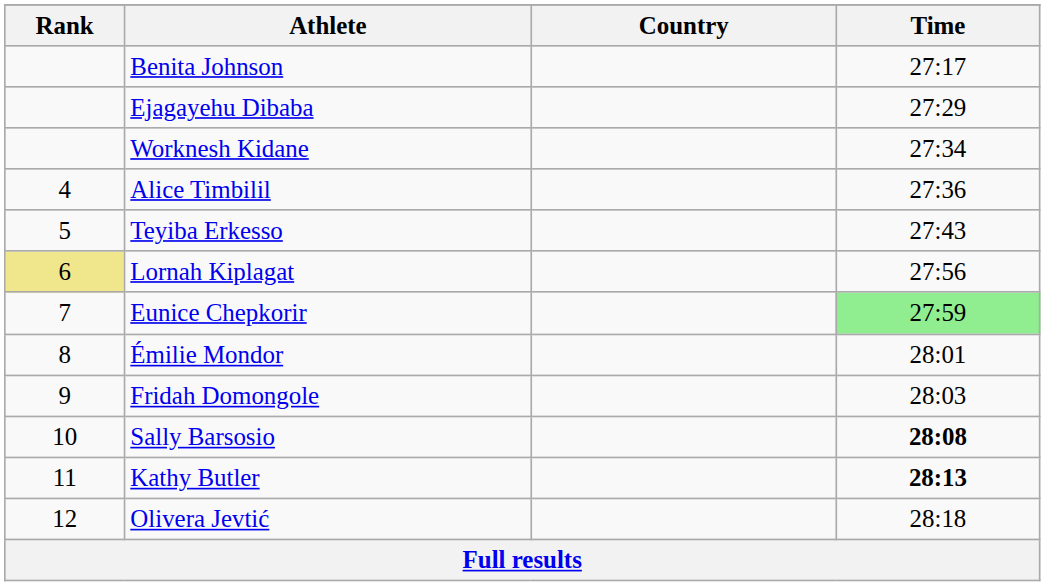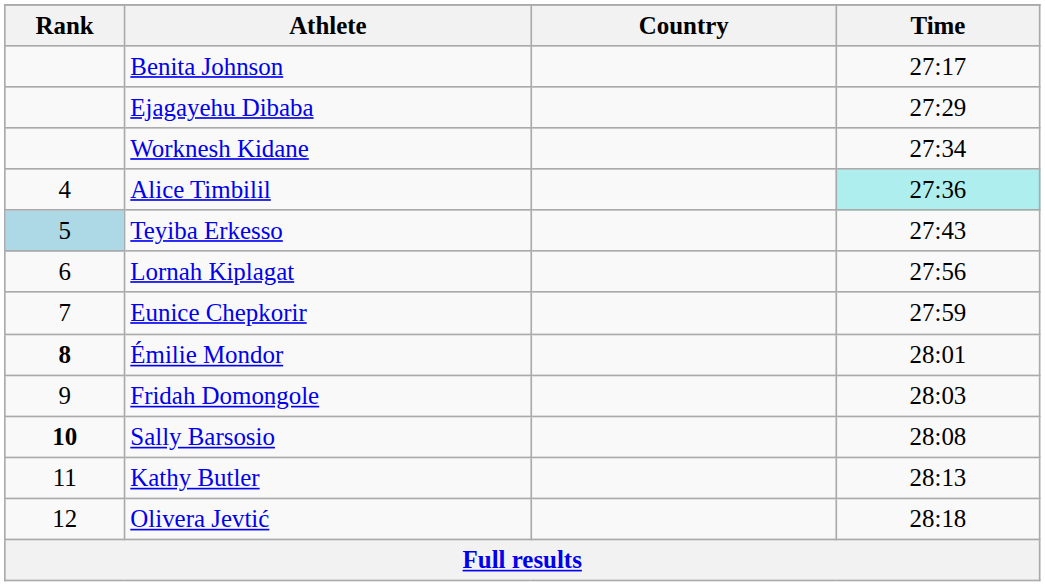 <table class="wikitable sortable" style=" text-align:center; font-size:95%;" width="50%">
 <tr>
 </tr>
 <tr>
 <th width=5%>Rank</th>
 <th width=20%>Athlete</th>
 <th width=15%>Country</th>
 <th width=10%>Time</th>
 </tr>
 <tr>
 <td align=center></td>
 <td align=left><a href='#'>Benita Johnson</a></td>
 <td align=left></td>
 <td>27:17</td>
 </tr>
 <tr>
 <td align=center></td>
 <td align=left><a href='#'>Ejagayehu Dibaba</a></td>
 <td align=left></td>
 <td>27:29</td>
 </tr>
 <tr>
 <td align=center></td>
 <td align=left><a href='#'>Worknesh Kidane</a></td>
 <td align=left></td>
 <td>27:34</td>
 </tr>
 <tr>
 <td align=center>4</td>
 <td align=left><a href='#'>Alice Timbilil</a></td>
 <td align=left></td>
-<td>27:36</td>
+<td style="background: paleturquoise;">27:36</td>
 </tr>
 <tr>
-<td align=center>5</td>
+<td align=center style="background: lightblue;">5</td>
 <td align=left><a href='#'>Teyiba Erkesso</a></td>
 <td align=left></td>
 <td>27:43</td>
 </tr>
 <tr>
-<td align=center style="background: khaki;">6</td>
+<td align=center>6</td>
 <td align=left><a href='#'>Lornah Kiplagat</a></td>
 <td align=left></td>
 <td>27:56</td>
 </tr>
 <tr>
 <td align=center>7</td>
 <td align=left><a href='#'>Eunice Chepkorir</a></td>
 <td align=left></td>
-<td style="background: lightgreen;">27:59</td>
+<td>27:59</td>
 </tr>
 <tr>
-<td align=center>8</td>
+<td align=center><strong>8</strong></td>
 <td align=left><a href='#'>Émilie Mondor</a></td>
 <td align=left></td>
 <td>28:01</td>
 </tr>
 <tr>
 <td align=center>9</td>
 <td align=left><a href='#'>Fridah Domongole</a></td>
 <td align=left></td>
 <td>28:03</td>
 </tr>
 <tr>
-<td align=center>10</td>
+<td align=center><strong>10</strong></td>
 <td align=left><a href='#'>Sally Barsosio</a></td>
 <td align=left></td>
-<td><strong>28:08</strong></td>
+<td>28:08</td>
 </tr>
 <tr>
 <td align=center>11</td>
 <td align=left><a href='#'>Kathy Butler</a></td>
 <td align=left></td>
-<td><strong>28:13</strong></td>
+<td>28:13</td>
 </tr>
 <tr>
 <td align=center>12</td>
 <td align=left><a href='#'>Olivera Jevtić</a></td>
 <td align=left></td>
 <td>28:18</td>
 </tr>
 <tr class="sortbottom">
 <th colspan=4 align=center><a href='#'>Full results</a></th>
 </tr>
 </table>
